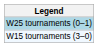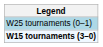 <table class=wikitable style=font-size:85%;>
 <tr>
 <th>Legend</th>
 </tr>
 <tr style="background:lightblue;">
 <td>W25 tournaments (0–1)</td>
 </tr>
 <tr style="background:#f0f8ff;">
-<td>W15 tournaments (3–0)</td>
+<td><strong>W15 tournaments (3–0)</strong></td>
 </tr>
 </table>
